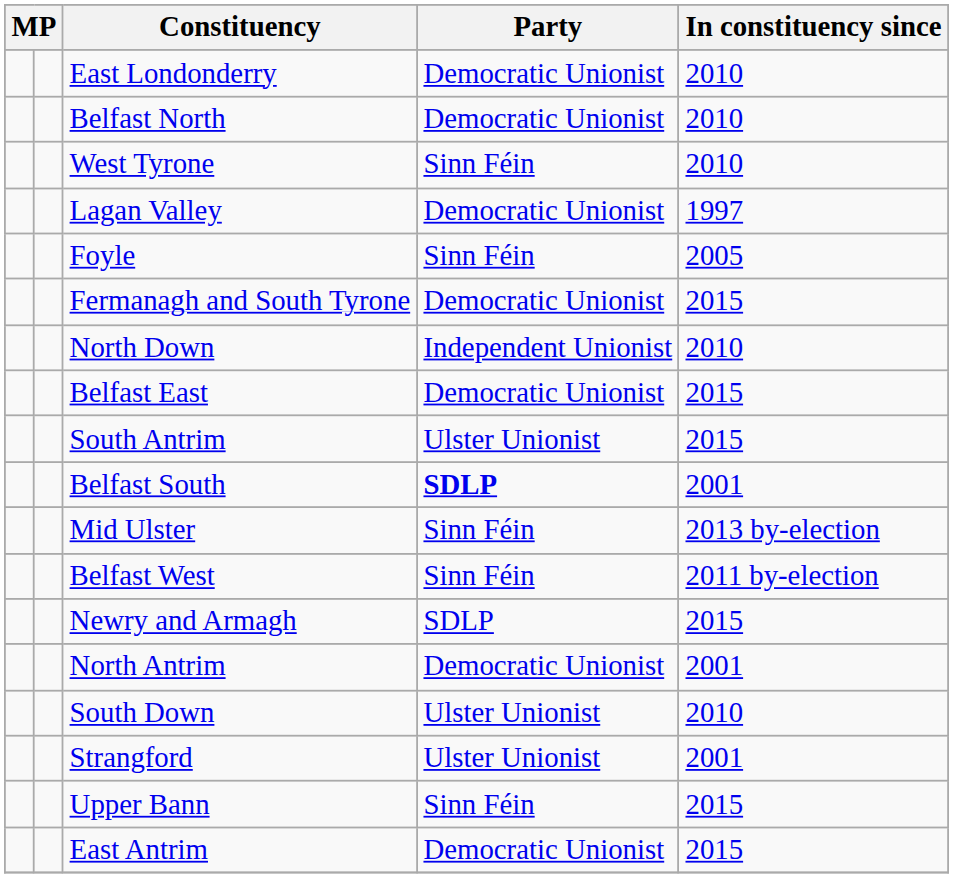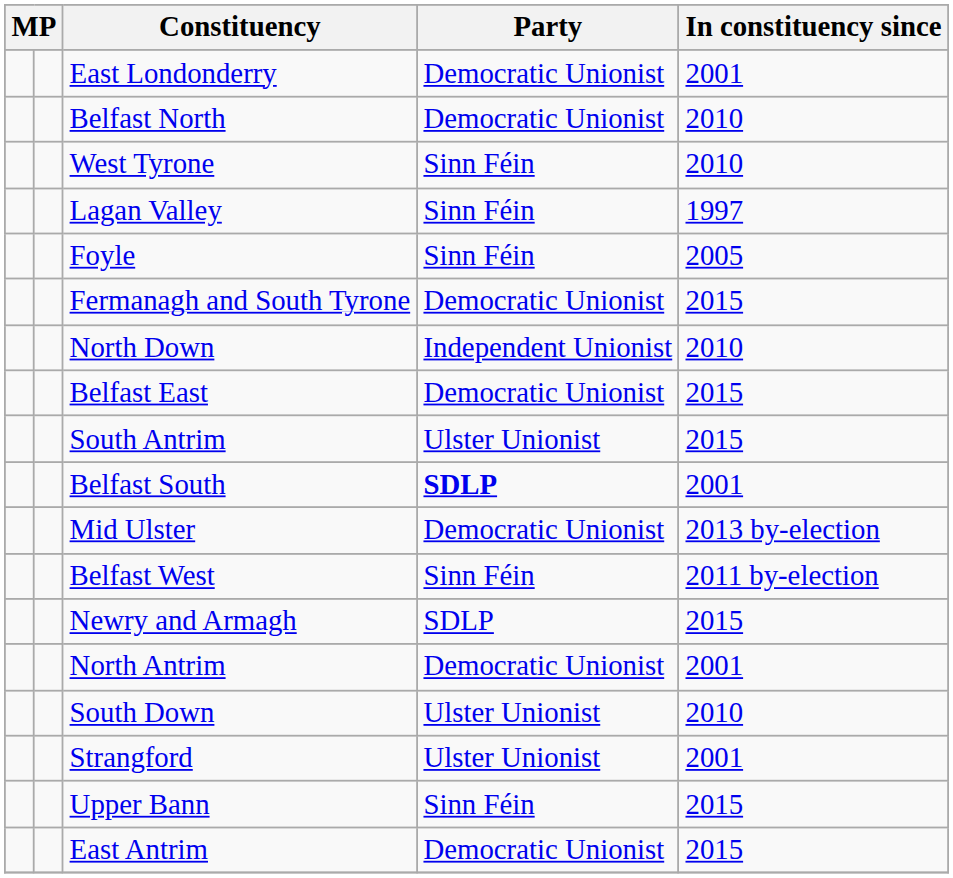 <table class="wikitable sortable">
 <tr>
 <th colspan=2>MP</th>
 <th>Constituency</th>
 <th>Party</th>
 <th>In constituency since</th>
 </tr>
 <tr>
 <td style="background-color: "></td>
 <td></td>
 <td><a href='#'>East Londonderry</a></td>
 <td><a href='#'>Democratic Unionist</a></td>
-<td><a href='#'>2010</a></td>
+<td><a href='#'>2001</a></td>
 </tr>
 <tr>
 <td style="background-color: "></td>
 <td></td>
 <td><a href='#'>Belfast North</a></td>
 <td><a href='#'>Democratic Unionist</a></td>
 <td><a href='#'>2010</a></td>
 </tr>
 <tr>
 <td style="background-color: "></td>
 <td></td>
 <td><a href='#'>West Tyrone</a></td>
 <td><a href='#'>Sinn Féin</a></td>
 <td><a href='#'>2010</a></td>
 </tr>
 <tr>
 <td style="background-color: "></td>
 <td></td>
 <td><a href='#'>Lagan Valley</a></td>
-<td><a href='#'>Democratic Unionist</a></td>
+<td><a href='#'>Sinn Féin</a></td>
 <td><a href='#'>1997</a></td>
 </tr>
 <tr>
 <td style="background-color: "></td>
 <td></td>
 <td><a href='#'>Foyle</a></td>
 <td><a href='#'>Sinn Féin</a></td>
 <td><a href='#'>2005</a></td>
 </tr>
 <tr>
 <td style="background-color: "></td>
 <td></td>
 <td><a href='#'>Fermanagh and South Tyrone</a></td>
 <td><a href='#'>Democratic Unionist</a></td>
 <td><a href='#'>2015</a></td>
 </tr>
 <tr>
 <td style="background-color: "></td>
 <td></td>
 <td><a href='#'>North Down</a></td>
 <td><a href='#'>Independent Unionist</a></td>
 <td><a href='#'>2010</a></td>
 </tr>
 <tr>
 <td style="background-color: "></td>
 <td></td>
 <td><a href='#'>Belfast East</a></td>
 <td><a href='#'>Democratic Unionist</a></td>
 <td><a href='#'>2015</a></td>
 </tr>
 <tr>
 <td style="background-color: "></td>
 <td></td>
 <td><a href='#'>South Antrim</a></td>
 <td><a href='#'>Ulster Unionist</a></td>
 <td><a href='#'>2015</a></td>
 </tr>
 <tr>
 <td style="background-color: "></td>
 <td></td>
 <td><a href='#'>Belfast South</a></td>
 <td><strong><a href='#'>SDLP</a></strong></td>
 <td><a href='#'>2001</a></td>
 </tr>
 <tr>
 <td style="background-color: "></td>
 <td></td>
 <td><a href='#'>Mid Ulster</a></td>
-<td><a href='#'>Sinn Féin</a></td>
+<td><a href='#'>Democratic Unionist</a></td>
 <td><a href='#'>2013 by-election</a></td>
 </tr>
 <tr>
 <td style="background-color: "></td>
 <td></td>
 <td><a href='#'>Belfast West</a></td>
 <td><a href='#'>Sinn Féin</a></td>
 <td><a href='#'>2011 by-election</a></td>
 </tr>
 <tr>
 <td style="background-color: "></td>
 <td></td>
 <td><a href='#'>Newry and Armagh</a></td>
 <td><a href='#'>SDLP</a></td>
 <td><a href='#'>2015</a></td>
 </tr>
 <tr>
 <td style="background-color: "></td>
 <td></td>
 <td><a href='#'>North Antrim</a></td>
 <td><a href='#'>Democratic Unionist</a></td>
 <td><a href='#'>2001</a></td>
 </tr>
 <tr>
 <td style="background-color: "></td>
 <td></td>
 <td><a href='#'>South Down</a></td>
 <td><a href='#'>Ulster Unionist</a></td>
 <td><a href='#'>2010</a></td>
 </tr>
 <tr>
 <td style="background-color: "></td>
 <td></td>
 <td><a href='#'>Strangford</a></td>
 <td><a href='#'>Ulster Unionist</a></td>
 <td><a href='#'>2001</a></td>
 </tr>
 <tr>
 <td style="background-color: "></td>
 <td></td>
 <td><a href='#'>Upper Bann</a></td>
 <td><a href='#'>Sinn Féin</a></td>
 <td><a href='#'>2015</a></td>
 </tr>
 <tr>
 <td style="background-color: "></td>
 <td></td>
 <td><a href='#'>East Antrim</a></td>
 <td><a href='#'>Democratic Unionist</a></td>
 <td><a href='#'>2015</a></td>
 </tr>
 <tr>
 </tr>
 </table>
